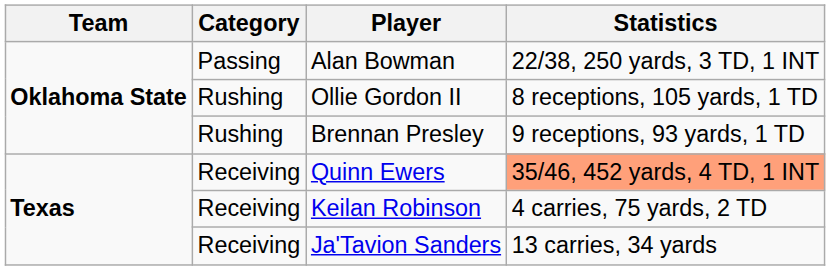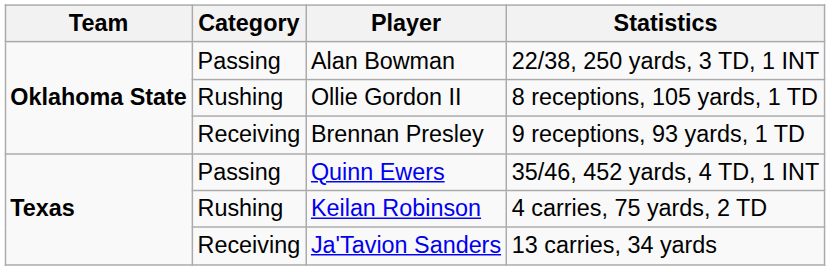 <table class="wikitable" style="float: right;">
 <tr>
 <th>Team</th>
 <th>Category</th>
 <th>Player</th>
 <th>Statistics</th>
 </tr>
 <tr>
 <td rowspan=3><strong>Oklahoma State</strong></td>
 <td>Passing</td>
 <td>Alan Bowman</td>
 <td>22/38, 250 yards, 3 TD, 1 INT</td>
 </tr>
 <tr>
 <td>Rushing</td>
 <td>Ollie Gordon II</td>
 <td>8 receptions, 105 yards, 1 TD</td>
 </tr>
 <tr>
-<td>Rushing</td>
+<td>Receiving</td>
 <td>Brennan Presley</td>
 <td>9 receptions, 93 yards, 1 TD</td>
 </tr>
 <tr>
 <td rowspan=3><strong>Texas</strong></td>
-<td>Receiving</td>
+<td>Passing</td>
 <td><a href='#'>Quinn Ewers</a></td>
-<td style="background: lightsalmon;">35/46, 452 yards, 4 TD, 1 INT</td>
+<td>35/46, 452 yards, 4 TD, 1 INT</td>
 </tr>
 <tr>
-<td>Receiving</td>
+<td>Rushing</td>
 <td><a href='#'>Keilan Robinson</a></td>
 <td>4 carries, 75 yards, 2 TD</td>
 </tr>
 <tr>
 <td>Receiving</td>
 <td><a href='#'>Ja'Tavion Sanders</a></td>
 <td>13 carries, 34 yards</td>
 </tr>
 </table>
